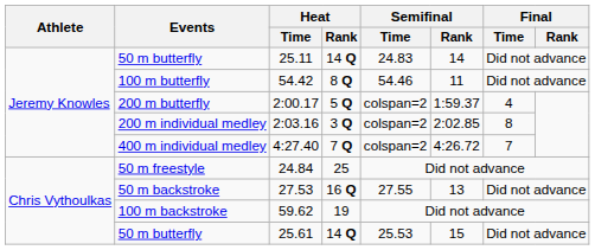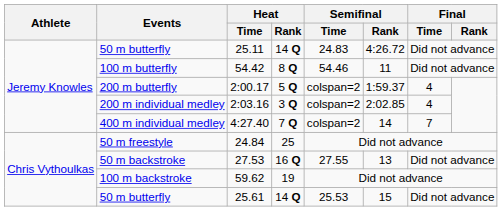 <table class=wikitable style="font-size:90%">
 <tr>
 <th rowspan="2">Athlete</th>
 <th rowspan="2">Events</th>
 <th colspan="2">Heat</th>
 <th colspan="2">Semifinal</th>
 <th colspan="2">Final</th>
 </tr>
 <tr style="font-size:95%">
 <th>Time</th>
 <th>Rank</th>
 <th>Time</th>
 <th>Rank</th>
 <th>Time</th>
 <th>Rank</th>
 </tr>
 <tr>
 <td rowspan="5"><a href='#'>Jeremy Knowles</a></td>
 <td><a href='#'>50 m butterfly</a></td>
 <td align="center">25.11</td>
 <td align="center">14 <strong>Q</strong></td>
 <td align="center">24.83</td>
-<td align="center">14</td>
+<td align="center">4:26.72</td>
 <td colspan=2 align="center">Did not advance</td>
 </tr>
 <tr>
 <td><a href='#'>100 m butterfly</a></td>
 <td align="center">54.42</td>
 <td align="center">8 <strong>Q</strong></td>
 <td align="center">54.46</td>
 <td align="center">11</td>
 <td colspan=2 align="center">Did not advance</td>
 </tr>
 <tr>
 <td><a href='#'>200 m butterfly</a></td>
 <td align="center">2:00.17</td>
 <td align="center">5 <strong>Q</strong></td>
 <td>colspan=2 </td>
 <td align="center">1:59.37</td>
 <td align="center">4</td>
 </tr>
 <tr>
 <td><a href='#'>200 m individual medley</a></td>
 <td align="center">2:03.16</td>
 <td align="center">3 <strong>Q</strong></td>
 <td>colspan=2 </td>
 <td align="center">2:02.85</td>
-<td align="center">8</td>
+<td align="center">4</td>
 </tr>
 <tr>
 <td><a href='#'>400 m individual medley</a></td>
 <td align="center">4:27.40</td>
 <td align="center">7 <strong>Q</strong></td>
 <td>colspan=2 </td>
-<td align="center">4:26.72</td>
+<td align="center">14</td>
 <td align="center">7</td>
 </tr>
 <tr>
 <td rowspan="4"><a href='#'>Chris Vythoulkas</a></td>
 <td><a href='#'>50 m freestyle</a></td>
 <td align="center">24.84</td>
 <td align="center">25</td>
 <td colspan=4 align="center">Did not advance</td>
 </tr>
 <tr>
 <td><a href='#'>50 m backstroke</a></td>
 <td align="center">27.53</td>
 <td align="center">16 <strong>Q</strong></td>
 <td align="center">27.55</td>
 <td align="center">13</td>
 <td colspan=2 align="center">Did not advance</td>
 </tr>
 <tr>
 <td><a href='#'>100 m backstroke</a></td>
 <td align="center">59.62</td>
 <td align="center">19</td>
 <td colspan=4 align="center">Did not advance</td>
 </tr>
 <tr>
 <td><a href='#'>50 m butterfly</a></td>
 <td align="center">25.61</td>
 <td align="center">14 <strong>Q</strong></td>
 <td align="center">25.53</td>
 <td align="center">15</td>
 <td colspan=2 align="center">Did not advance</td>
 </tr>
 </table>
